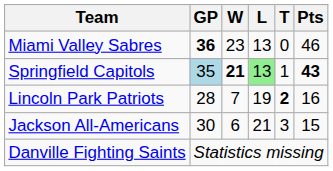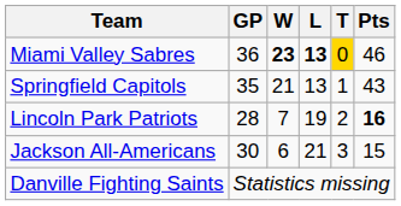 <table class="wikitable" style="text-align:center">
 <tr>
 <th>Team</th>
 <th>GP</th>
 <th>W</th>
 <th>L</th>
 <th>T</th>
 <th>Pts</th>
 </tr>
 <tr>
 <td align="left"><a href='#'>Miami Valley Sabres</a></td>
-<td><strong>36</strong></td>
-<td>23</td>
-<td>13</td>
-<td>0</td>
+<td>36</td>
+<td><strong>23</strong></td>
+<td><strong>13</strong></td>
+<td style="background: gold;">0</td>
 <td>46</td>
 </tr>
 <tr>
 <td align="left"><a href='#'>Springfield Capitols</a></td>
-<td style="background: lightblue;">35</td>
-<td><strong>21</strong></td>
-<td style="background: lightgreen;">13</td>
+<td>35</td>
+<td>21</td>
+<td>13</td>
 <td>1</td>
-<td><strong>43</strong></td>
+<td>43</td>
 </tr>
 <tr>
 <td align="left"><a href='#'>Lincoln Park Patriots</a></td>
 <td>28</td>
 <td>7</td>
 <td>19</td>
-<td><strong>2</strong></td>
-<td>16</td>
+<td>2</td>
+<td><strong>16</strong></td>
 </tr>
 <tr>
 <td align="left"><a href='#'>Jackson All-Americans</a></td>
 <td>30</td>
 <td>6</td>
 <td>21</td>
 <td>3</td>
 <td>15</td>
 </tr>
 <tr>
 <td align="left"><a href='#'>Danville Fighting Saints</a></td>
 <td colspan=10><em>Statistics missing</em></td>
 </tr>
 </table>
